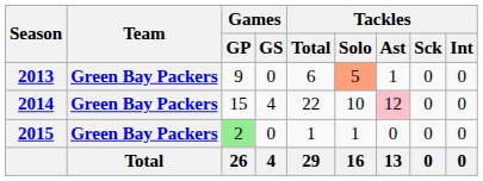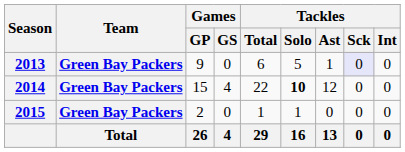 <table class=wikitable style="text-align:center;">
 <tr>
 <th rowspan=2>Season</th>
 <th rowspan=2>Team</th>
 <th colspan=2>Games</th>
 <th colspan=5>Tackles</th>
 </tr>
 <tr>
 <th>GP</th>
 <th>GS</th>
 <th>Total</th>
 <th>Solo</th>
 <th>Ast</th>
 <th>Sck</th>
 <th>Int</th>
 </tr>
 <tr>
 <th><a href='#'>2013</a></th>
 <th><a href='#'>Green Bay Packers</a></th>
 <td>9</td>
 <td>0</td>
 <td>6</td>
-<td style="background: lightsalmon;">5</td>
+<td>5</td>
 <td>1</td>
-<td>0</td>
+<td style="background: lavender;">0</td>
 <td>0</td>
 </tr>
 <tr>
 <th><a href='#'>2014</a></th>
 <th><a href='#'>Green Bay Packers</a></th>
 <td>15</td>
 <td>4</td>
 <td>22</td>
-<td>10</td>
-<td style="background: pink;">12</td>
+<td><strong>10</strong></td>
+<td>12</td>
 <td>0</td>
 <td>0</td>
 </tr>
 <tr>
 <th><a href='#'>2015</a></th>
 <th><a href='#'>Green Bay Packers</a></th>
-<td style="background: lightgreen;">2</td>
+<td>2</td>
 <td>0</td>
 <td>1</td>
 <td>1</td>
 <td>0</td>
 <td>0</td>
 <td>0</td>
 </tr>
 <tr>
 <th></th>
 <th>Total</th>
 <th>26</th>
 <th>4</th>
 <th>29</th>
 <th>16</th>
 <th>13</th>
 <th>0</th>
 <th>0</th>
 </tr>
 </table>
